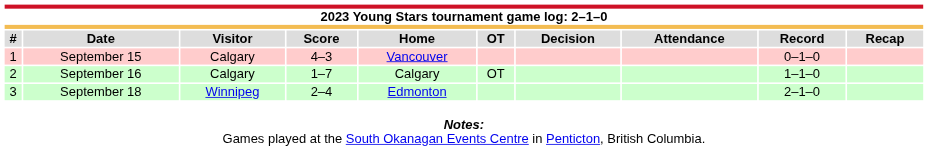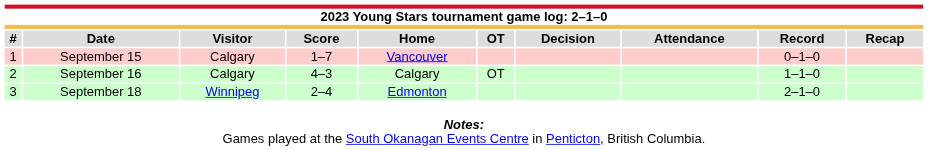 <table class="toccolours collapsible collapsed" style="width:90%; clear:both; margin:1.5em auto; text-align:center;">
 <tr>
 <th colspan="10" style="background:#FFFFFF; border-top:#CE1126 5px solid; border-bottom:#F3BC52 5px solid;">2023 Young Stars tournament game log: 2–1–0</th>
 </tr>
 <tr style="background:#ddd;">
 <th>#</th>
 <th>Date</th>
 <th>Visitor</th>
 <th>Score</th>
 <th>Home</th>
 <th>OT</th>
 <th>Decision</th>
 <th>Attendance</th>
 <th>Record</th>
 <th>Recap</th>
 </tr>
 <tr style="background:#fcc;">
 <td>1</td>
 <td>September 15</td>
 <td>Calgary</td>
-<td>4–3</td>
+<td>1–7</td>
 <td><a href='#'>Vancouver</a></td>
 <td></td>
 <td></td>
 <td></td>
 <td>0–1–0</td>
 <td></td>
 </tr>
 <tr style="background:#cfc;">
 <td>2</td>
 <td>September 16</td>
 <td>Calgary</td>
-<td>1–7</td>
+<td>4–3</td>
 <td>Calgary</td>
 <td>OT</td>
 <td></td>
 <td></td>
 <td>1–1–0</td>
 <td></td>
 </tr>
 <tr style="background:#cfc;">
 <td>3</td>
 <td>September 18</td>
 <td><a href='#'>Winnipeg</a></td>
 <td>2–4</td>
 <td><a href='#'>Edmonton</a></td>
 <td></td>
 <td></td>
 <td></td>
 <td>2–1–0</td>
 <td></td>
 </tr>
 <tr>
 <td colspan="10" style="text-align:center;"><br><strong><em>Notes:</em></strong><br> Games played at the <a href='#'>South Okanagan Events Centre</a> in <a href='#'>Penticton</a>, British Columbia.</td>
 </tr>
 </table>
